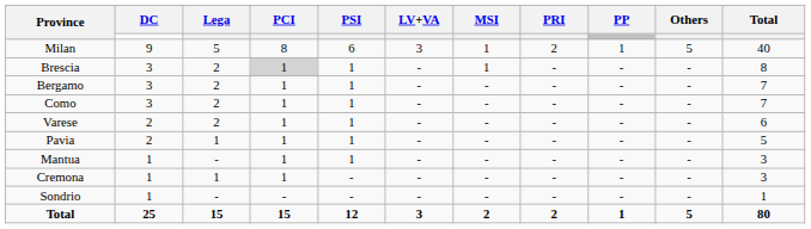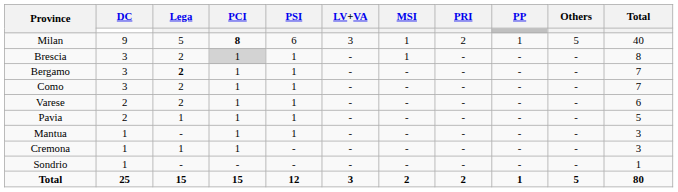 <table class="wikitable" style="text-align:center;font-size:85%;line-height:13px">
 <tr style="height:30px; background-color:#E9E9E9">
 <th style="width:110px;" rowspan="2">Province</th>
 <th style="width:65px;"><a href='#'>DC</a></th>
 <th style="width:65px;"><a href='#'>Lega</a></th>
 <th style="width:65px;"><a href='#'>PCI</a></th>
 <th style="width:65px;"><a href='#'>PSI</a></th>
 <th style="width:65px;"><a href='#'>LV</a>+<a href='#'>VA</a></th>
 <th style="width:65px;"><a href='#'>MSI</a></th>
 <th style="width:65px;"><a href='#'>PRI</a></th>
 <th style="width:65px;"><a href='#'>PP</a></th>
 <th style="width:65px;">Others</th>
 <th style="width:80px;">Total</th>
 </tr>
 <tr>
 <th style="background:white;"></th>
 <th style="background:"></th>
 <th style="background:"></th>
 <th style="background:"></th>
 <th style="background:"></th>
 <th style="background:"></th>
 <th style="background:"></th>
 <th style="background:silver;"></th>
 <th style="background:"></th>
 <th style="background:"></th>
 </tr>
 <tr>
 <td>Milan</td>
 <td>9</td>
 <td>5</td>
-<td>8</td>
+<td><strong>8</strong></td>
 <td>6</td>
 <td>3</td>
 <td>1</td>
 <td>2</td>
 <td>1</td>
 <td>5</td>
 <td>40</td>
 </tr>
 <tr>
 <td>Brescia</td>
 <td>3</td>
 <td>2</td>
 <td style="background: lightgrey;">1</td>
 <td>1</td>
 <td>-</td>
 <td>1</td>
 <td>-</td>
 <td>-</td>
 <td>-</td>
 <td>8</td>
 </tr>
 <tr>
 <td>Bergamo</td>
 <td>3</td>
-<td>2</td>
+<td><strong>2</strong></td>
 <td>1</td>
 <td>1</td>
 <td>-</td>
 <td>-</td>
 <td>-</td>
 <td>-</td>
 <td>-</td>
 <td>7</td>
 </tr>
 <tr>
 <td>Como</td>
 <td>3</td>
 <td>2</td>
 <td>1</td>
 <td>1</td>
 <td>-</td>
 <td>-</td>
 <td>-</td>
 <td>-</td>
 <td>-</td>
 <td>7</td>
 </tr>
 <tr>
 <td>Varese</td>
 <td>2</td>
 <td>2</td>
 <td>1</td>
 <td>1</td>
 <td>-</td>
 <td>-</td>
 <td>-</td>
 <td>-</td>
 <td>-</td>
 <td>6</td>
 </tr>
 <tr>
 <td>Pavia</td>
 <td>2</td>
 <td>1</td>
 <td>1</td>
 <td>1</td>
 <td>-</td>
 <td>-</td>
 <td>-</td>
 <td>-</td>
 <td>-</td>
 <td>5</td>
 </tr>
 <tr>
 <td>Mantua</td>
 <td>1</td>
 <td>-</td>
 <td>1</td>
 <td>1</td>
 <td>-</td>
 <td>-</td>
 <td>-</td>
 <td>-</td>
 <td>-</td>
 <td>3</td>
 </tr>
 <tr>
 <td>Cremona</td>
 <td>1</td>
 <td>1</td>
 <td>1</td>
 <td>-</td>
 <td>-</td>
 <td>-</td>
 <td>-</td>
 <td>-</td>
 <td>-</td>
 <td>3</td>
 </tr>
 <tr>
 <td>Sondrio</td>
 <td>1</td>
 <td>-</td>
 <td>-</td>
 <td>-</td>
 <td>-</td>
 <td>-</td>
 <td>-</td>
 <td>-</td>
 <td>-</td>
 <td>1</td>
 </tr>
 <tr>
 <td><strong>Total</strong></td>
 <td><strong>25</strong></td>
 <td><strong>15</strong></td>
 <td><strong>15</strong></td>
 <td><strong>12</strong></td>
 <td><strong>3</strong></td>
 <td><strong>2</strong></td>
 <td><strong>2</strong></td>
 <td><strong>1</strong></td>
 <td><strong>5</strong></td>
 <td><strong>80</strong></td>
 </tr>
 </table>
